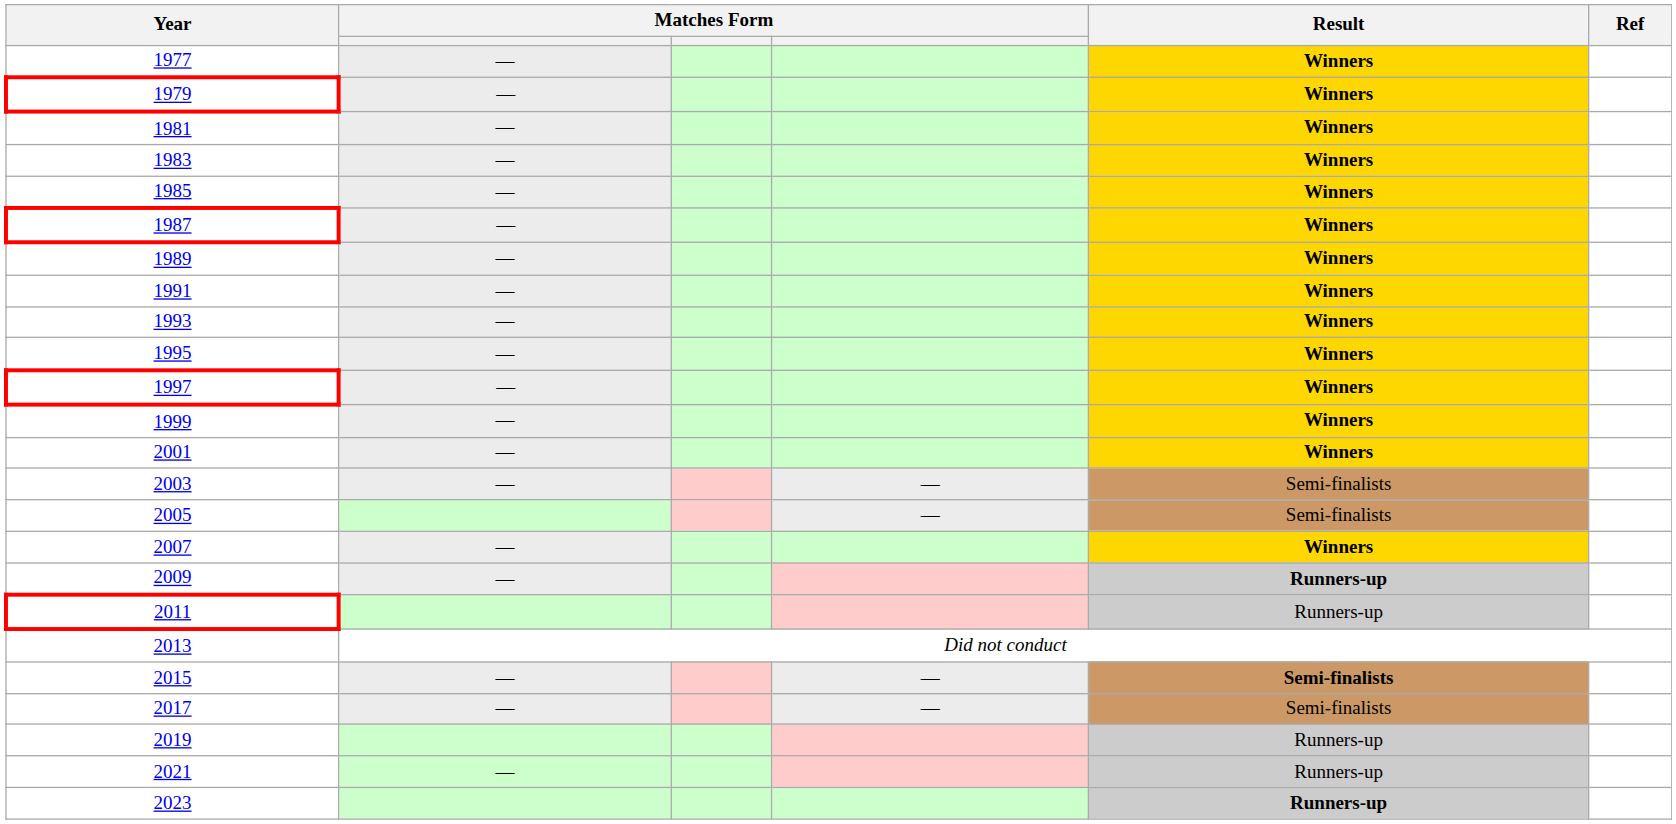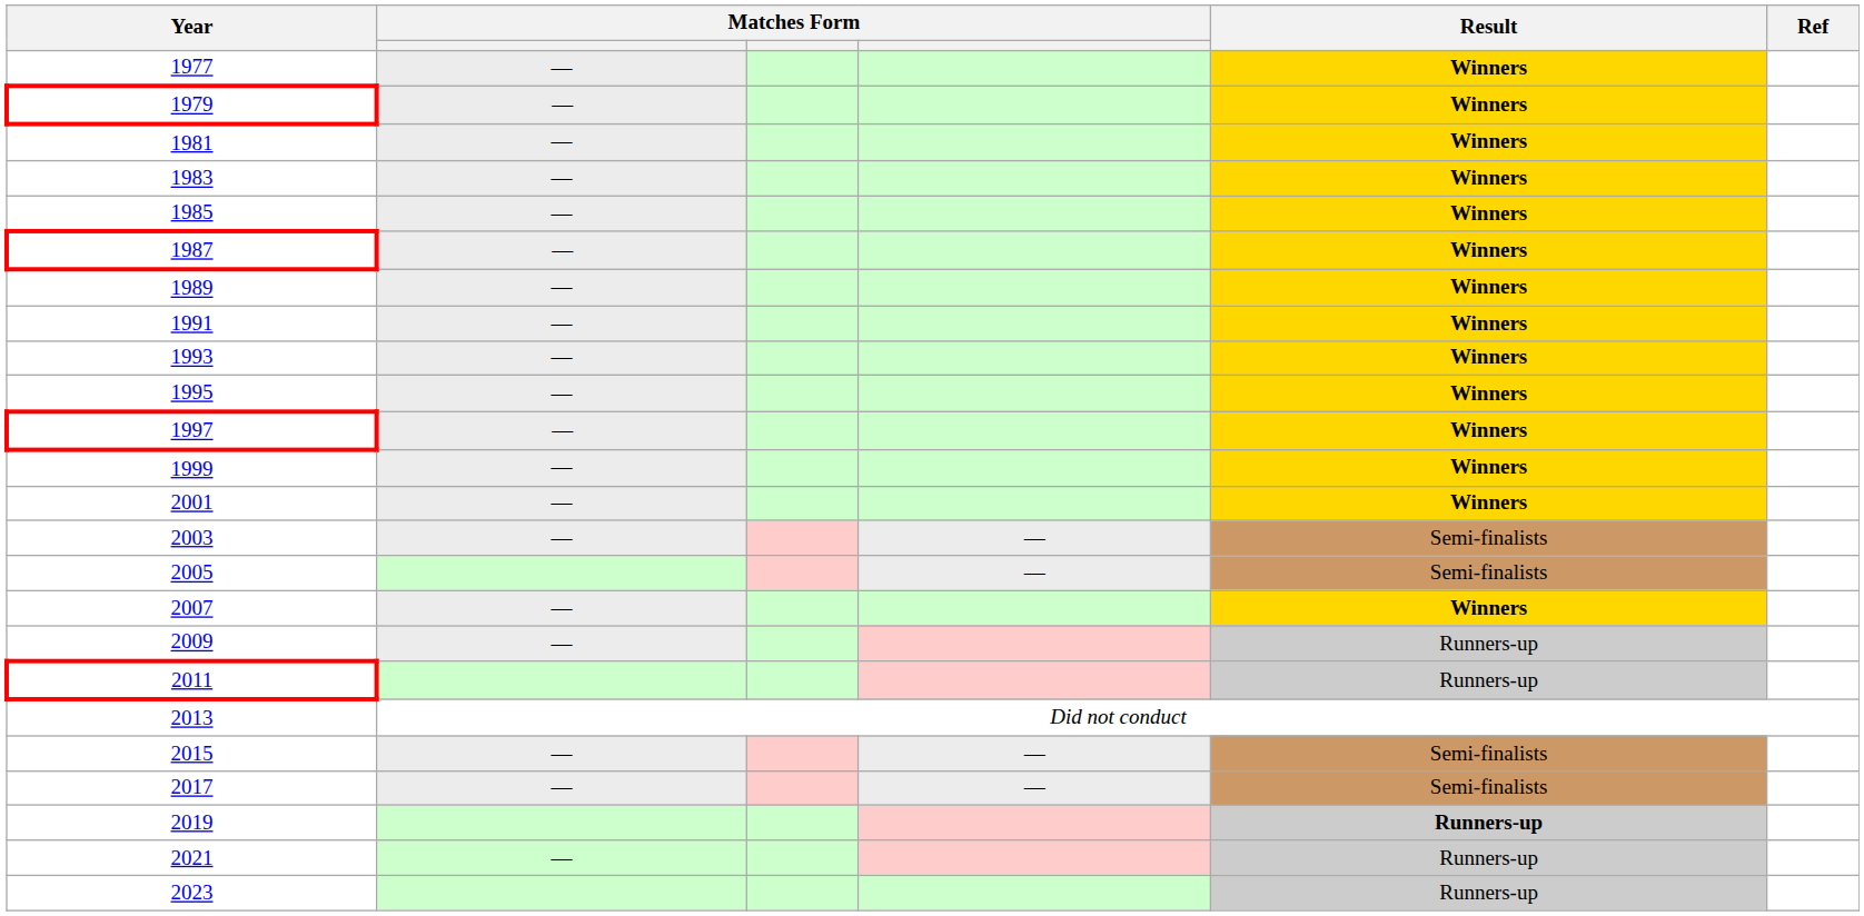 <table class="wikitable" style="text-align:center; font-size:90%; background:white;" width="100%">
 <tr>
 <th rowspan="2" width="20%">Year</th>
 <th colspan="3" width="45%">Matches Form</th>
 <th rowspan="2" width="30%">Result</th>
 <th rowspan="2" width="5%">Ref</th>
 </tr>
 <tr>
 <th></th>
 <th></th>
 <th></th>
 </tr>
 <tr>
 <td><a href='#'>1977</a> </td>
 <td style=background:#ECECEC>—</td>
 <td style=background:#CCFFCC><br></td>
 <td style=background:#CCFFCC><br></td>
 <td style=background:#FFD700> <strong>Winners</strong></td>
 <td></td>
 </tr>
 <tr>
 <td style="border:3px solid red;"><a href='#'>1979</a> </td>
 <td style=background:#ECECEC>—</td>
 <td style=background:#CCFFCC><br></td>
 <td style=background:#CCFFCC><br></td>
 <td style=background:#FFD700> <strong>Winners</strong></td>
 <td></td>
 </tr>
 <tr>
 <td><a href='#'>1981</a> </td>
 <td style=background:#ECECEC>—</td>
 <td style=background:#CCFFCC><br></td>
 <td style=background:#CCFFCC><br></td>
 <td style=background:#FFD700> <strong>Winners</strong></td>
 <td></td>
 </tr>
 <tr>
 <td><a href='#'>1983</a> </td>
 <td style=background:#ECECEC>—</td>
 <td style=background:#CCFFCC><br></td>
 <td style=background:#CCFFCC><br></td>
 <td style=background:#FFD700> <strong>Winners</strong></td>
 <td></td>
 </tr>
 <tr>
 <td><a href='#'>1985</a> </td>
 <td style=background:#ECECEC>—</td>
 <td style=background:#CCFFCC><br></td>
 <td style=background:#CCFFCC><br></td>
 <td style=background:#FFD700> <strong>Winners</strong></td>
 <td></td>
 </tr>
 <tr>
 <td style="border:3px solid red;"><a href='#'>1987</a> </td>
 <td style=background:#ECECEC>—</td>
 <td style=background:#CCFFCC><br></td>
 <td style=background:#CCFFCC><br></td>
 <td style=background:#FFD700> <strong>Winners</strong></td>
 <td></td>
 </tr>
 <tr>
 <td><a href='#'>1989</a> </td>
 <td style=background:#ECECEC>—</td>
 <td style=background:#CCFFCC><br></td>
 <td style=background:#CCFFCC><br></td>
 <td style=background:#FFD700> <strong>Winners</strong></td>
 <td></td>
 </tr>
 <tr>
 <td><a href='#'>1991</a> </td>
 <td style=background:#ECECEC>—</td>
 <td style=background:#CCFFCC><br></td>
 <td style=background:#ccffcc><br></td>
 <td style=background:#FFD700> <strong>Winners</strong></td>
 <td></td>
 </tr>
 <tr>
 <td><a href='#'>1993</a> </td>
 <td style=background:#ECECEC>—</td>
 <td style=background:#CCFFCC><br></td>
 <td style=background:#CCFFCC><br></td>
 <td style=background:#FFD700> <strong>Winners</strong></td>
 <td></td>
 </tr>
 <tr>
 <td><a href='#'>1995</a> </td>
 <td style=background:#ECECEC>—</td>
 <td style=background:#CCFFCC><br></td>
 <td style=background:#CCFFCC><br></td>
 <td style=background:#FFD700> <strong>Winners</strong></td>
 <td></td>
 </tr>
 <tr>
 <td style="border:3px solid red;"><a href='#'>1997</a> </td>
 <td style=background:#ECECEC>—</td>
 <td style=background:#CCFFCC><br></td>
 <td style=background:#CCFFCC><br></td>
 <td style=background:#FFD700> <strong>Winners</strong></td>
 <td></td>
 </tr>
 <tr>
 <td><a href='#'>1999</a> </td>
 <td style=background:#ECECEC>—</td>
 <td style=background:#CCFFCC><br></td>
 <td style=background:#CCFFCC><br></td>
 <td style=background:#FFD700> <strong>Winners</strong></td>
 <td></td>
 </tr>
 <tr>
 <td><a href='#'>2001</a> </td>
 <td style=background:#ECECEC>—</td>
 <td style=background:#CCFFCC><br></td>
 <td style=background:#CCFFCC><br></td>
 <td style=background:#FFD700> <strong>Winners</strong></td>
 <td></td>
 </tr>
 <tr>
 <td><a href='#'>2003</a> </td>
 <td style=background:#ECECEC>—</td>
 <td style=background:#FFCCCC><br></td>
 <td style=background:#ECECEC>—</td>
 <td style=background:#CC9966> Semi-finalists</td>
 <td></td>
 </tr>
 <tr>
 <td><a href='#'>2005</a> </td>
 <td style=background:#CCFFCC><br></td>
 <td style=background:#FFCCCC><br></td>
 <td style=background:#ECECEC>—</td>
 <td style=background:#CC9966> Semi-finalists</td>
 <td></td>
 </tr>
 <tr>
 <td><a href='#'>2007</a> </td>
 <td style=background:#ECECEC>—</td>
 <td style=background:#CCFFCC><br></td>
 <td style=background:#CCFFCC><br></td>
 <td style=background:#FFD700> <strong>Winners</strong></td>
 <td></td>
 </tr>
 <tr>
 <td><a href='#'>2009</a> </td>
 <td style=background:#ECECEC>—</td>
 <td style=background:#CCFFCC><br></td>
 <td style=background:#FFCCCC><br></td>
-<td style=background:#CCCCCC><strong> Runners-up</strong></td>
+<td style=background:#CCCCCC> Runners-up</td>
 <td></td>
 </tr>
 <tr>
 <td style="border:3px solid red;"><a href='#'>2011</a> </td>
 <td style=background:#CCFFCC><br></td>
 <td style=background:#CCFFCC><br></td>
 <td style=background:#FFCCCC><br></td>
 <td style=background:#CCCCCC> Runners-up</td>
 <td></td>
 </tr>
 <tr>
 <td><a href='#'>2013</a> </td>
 <td colspan="6"><em>Did not conduct</em></td>
 </tr>
 <tr>
 <td><a href='#'>2015</a> </td>
 <td style=background:#ECECEC>—</td>
 <td style=background:#FFCCCC><br></td>
 <td style=background:#ECECEC>—</td>
-<td style=background:#CC9966><strong> Semi-finalists</strong></td>
+<td style=background:#CC9966> Semi-finalists</td>
 <td></td>
 </tr>
 <tr>
 <td><a href='#'>2017</a> </td>
 <td style=background:#ECECEC>—</td>
 <td style=background:#FFCCCC><br></td>
 <td style=background:#ECECEC>—</td>
 <td style=background:#CC9966> Semi-finalists</td>
 <td></td>
 </tr>
 <tr>
 <td><a href='#'>2019</a> </td>
 <td style=background:#CCFFCC><br></td>
 <td style=background:#CCFFCC><br></td>
 <td style=background:#FFCCCC><br></td>
-<td style=background:#CCCCCC> Runners-up</td>
+<td style=background:#CCCCCC><strong> Runners-up</strong></td>
 <td></td>
 </tr>
 <tr>
 <td><a href='#'>2021</a> </td>
 <td style=background:#CCFFCC>—</td>
 <td style=background:#CCFFCC><br></td>
 <td style=background:#FFCCCC><br></td>
 <td style=background:#CCCCCC> Runners-up</td>
 <td></td>
 </tr>
 <tr>
 <td><a href='#'>2023</a> </td>
 <td style=background:#CCFFCC><br></td>
 <td style=background:#CCFFCC><br></td>
 <td style=background:#CCFFCC><br></td>
-<td style=background:#CCCCCC><strong> Runners-up</strong></td>
+<td style=background:#CCCCCC> Runners-up</td>
 <td></td>
 </tr>
 </table>
